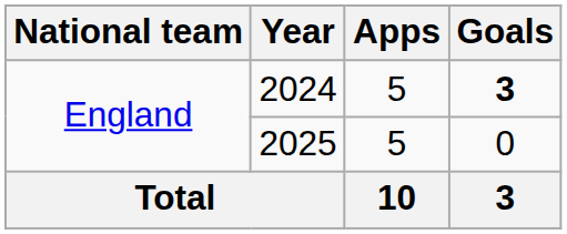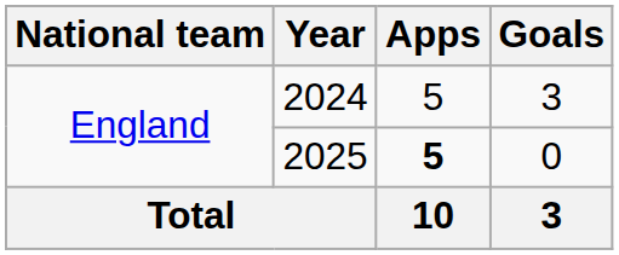 <table class="wikitable" style="text-align:center">
 <tr>
 <th>National team</th>
 <th>Year</th>
 <th>Apps</th>
 <th>Goals</th>
 </tr>
 <tr>
 <td rowspan="2"><a href='#'>England</a></td>
 <td>2024</td>
 <td>5</td>
-<td><strong>3</strong></td>
+<td>3</td>
 </tr>
 <tr>
 <td>2025</td>
-<td>5</td>
+<td><strong>5</strong></td>
 <td>0</td>
 </tr>
 <tr>
 <th colspan="2">Total</th>
 <th>10</th>
 <th>3</th>
 </tr>
 </table>
